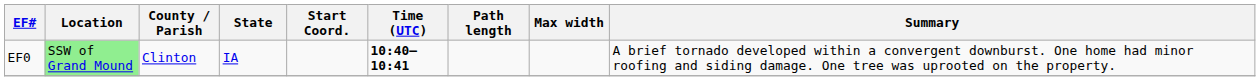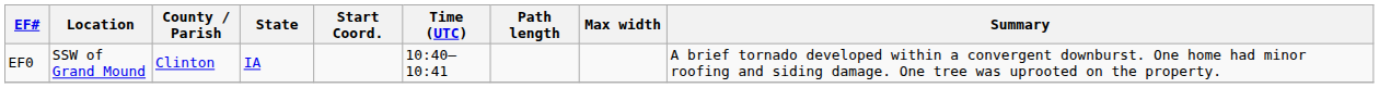 <table class="wikitable sortable" style="width:100%;">
 <tr>
 <th scope="col" style="width:3%; text-align:center;"><a href='#'>EF#</a></th>
 <th scope="col" style="width:7%; text-align:center;" class="unsortable">Location</th>
 <th scope="col" style="width:6%; text-align:center;" class="unsortable">County / Parish</th>
 <th scope="col" style="width:5%; text-align:center;">State</th>
 <th scope="col" style="width:6%; text-align:center;">Start Coord.</th>
 <th scope="col" style="width:6%; text-align:center;">Time (<a href='#'>UTC</a>)</th>
 <th scope="col" style="width:6%; text-align:center;">Path length</th>
 <th scope="col" style="width:6%; text-align:center;">Max width</th>
 <th scope="col" class="unsortable" style="width:48%; text-align:center;">Summary</th>
 </tr>
 <tr>
 <td bgcolor=>EF0</td>
-<td style="background: lightgreen;">SSW of <a href='#'>Grand Mound</a></td>
+<td>SSW of <a href='#'>Grand Mound</a></td>
 <td><a href='#'>Clinton</a></td>
 <td><a href='#'>IA</a></td>
 <td></td>
-<td><strong>10:40–10:41</strong></td>
+<td>10:40–10:41</td>
 <td></td>
 <td></td>
 <td>A brief tornado developed within a convergent downburst. One home had minor roofing and siding damage. One tree was uprooted on the property.</td>
 </tr>
 <tr>
 </tr>
 </table>
